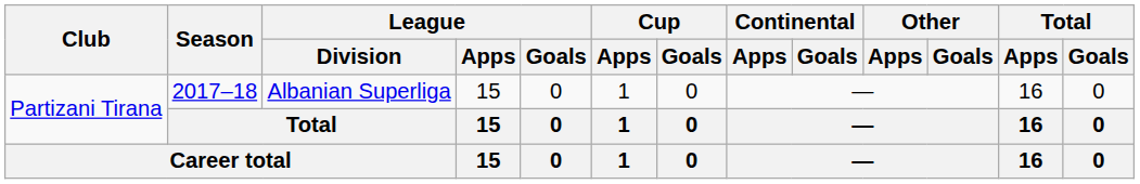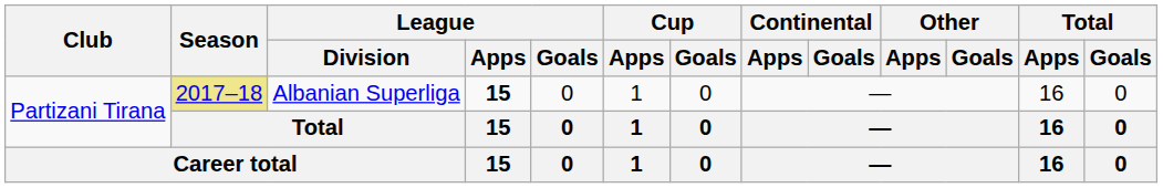 <table class="wikitable" style="text-align: center;">
 <tr>
 <th rowspan=2>Club</th>
 <th rowspan=2>Season</th>
 <th colspan=3>League</th>
 <th colspan=2>Cup</th>
 <th colspan=2>Continental</th>
 <th colspan=2>Other</th>
 <th colspan=2>Total</th>
 </tr>
 <tr>
 <th>Division</th>
 <th>Apps</th>
 <th>Goals</th>
 <th>Apps</th>
 <th>Goals</th>
 <th>Apps</th>
 <th>Goals</th>
 <th>Apps</th>
 <th>Goals</th>
 <th>Apps</th>
 <th>Goals</th>
 </tr>
 <tr>
 <td rowspan=2><a href='#'>Partizani Tirana</a></td>
-<td><a href='#'>2017–18</a></td>
+<td style="background: khaki;"><a href='#'>2017–18</a></td>
 <td><a href='#'>Albanian Superliga</a></td>
-<td>15</td>
+<td><strong>15</strong></td>
 <td>0</td>
 <td>1</td>
 <td>0</td>
 <td colspan=4>—</td>
 <td>16</td>
 <td>0</td>
 </tr>
 <tr>
 <th colspan=2>Total</th>
 <th>15</th>
 <th>0</th>
 <th>1</th>
 <th>0</th>
 <th colspan=4>—</th>
 <th>16</th>
 <th>0</th>
 </tr>
 <tr>
 <th colspan=3>Career total</th>
 <th>15</th>
 <th>0</th>
 <th>1</th>
 <th>0</th>
 <th colspan=4>—</th>
 <th>16</th>
 <th>0</th>
 </tr>
 </table>
